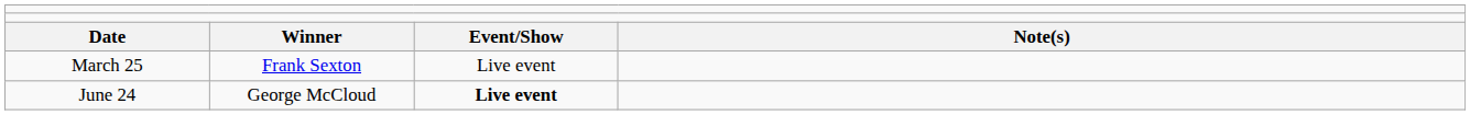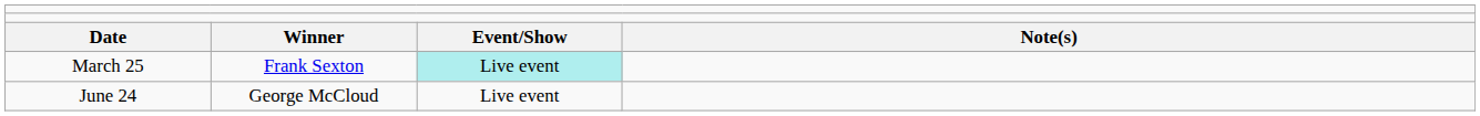 <table class="wikitable" style="text-align:center; width:100%;">
 <tr>
 <td colspan="5"></td>
 </tr>
 <tr>
 <td colspan="5"><strong></strong></td>
 </tr>
 <tr>
 <th width=14%>Date</th>
 <th width=14%>Winner</th>
 <th width=14%>Event/Show</th>
 <th width=58%>Note(s)</th>
 </tr>
 <tr>
 <td>March 25</td>
 <td><a href='#'>Frank Sexton</a></td>
-<td>Live event</td>
+<td style="background: paleturquoise;">Live event</td>
 <td align=left></td>
 </tr>
 <tr>
 <td>June 24</td>
 <td>George McCloud</td>
-<td><strong>Live event</strong></td>
+<td>Live event</td>
 <td align=left></td>
 </tr>
 </table>
